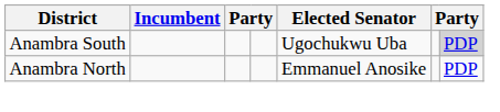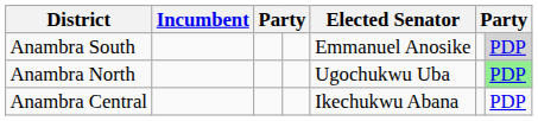 <table class="sortable wikitable" style="font-size:95%;line-height:14px;">
 <tr>
 <th class="unsortable">District</th>
 <th class="unsortable"><a href='#'>Incumbent</a></th>
 <th colspan="2">Party</th>
 <th class="unsortable">Elected Senator</th>
 <th colspan="2">Party</th>
 </tr>
 <tr>
 <td>Anambra South</td>
 <td></td>
 <td></td>
 <td></td>
-<td>Ugochukwu Uba</td>
+<td>Emmanuel Anosike</td>
 <td style="background:"></td>
 <td style="background: lightgrey;"><a href='#'>PDP</a></td>
 </tr>
 <tr>
 <td>Anambra North</td>
 <td></td>
 <td></td>
 <td></td>
-<td>Emmanuel Anosike</td>
+<td>Ugochukwu Uba</td>
+<td style="background:"></td>
+<td style="background: lightgreen;"><a href='#'>PDP</a></td>
+</tr>
+<tr>
+<td>Anambra Central</td>
+<td></td>
+<td></td>
+<td></td>
+<td>Ikechukwu Abana</td>
 <td style="background:"></td>
 <td><a href='#'>PDP</a></td>
 </tr>
 </table>
